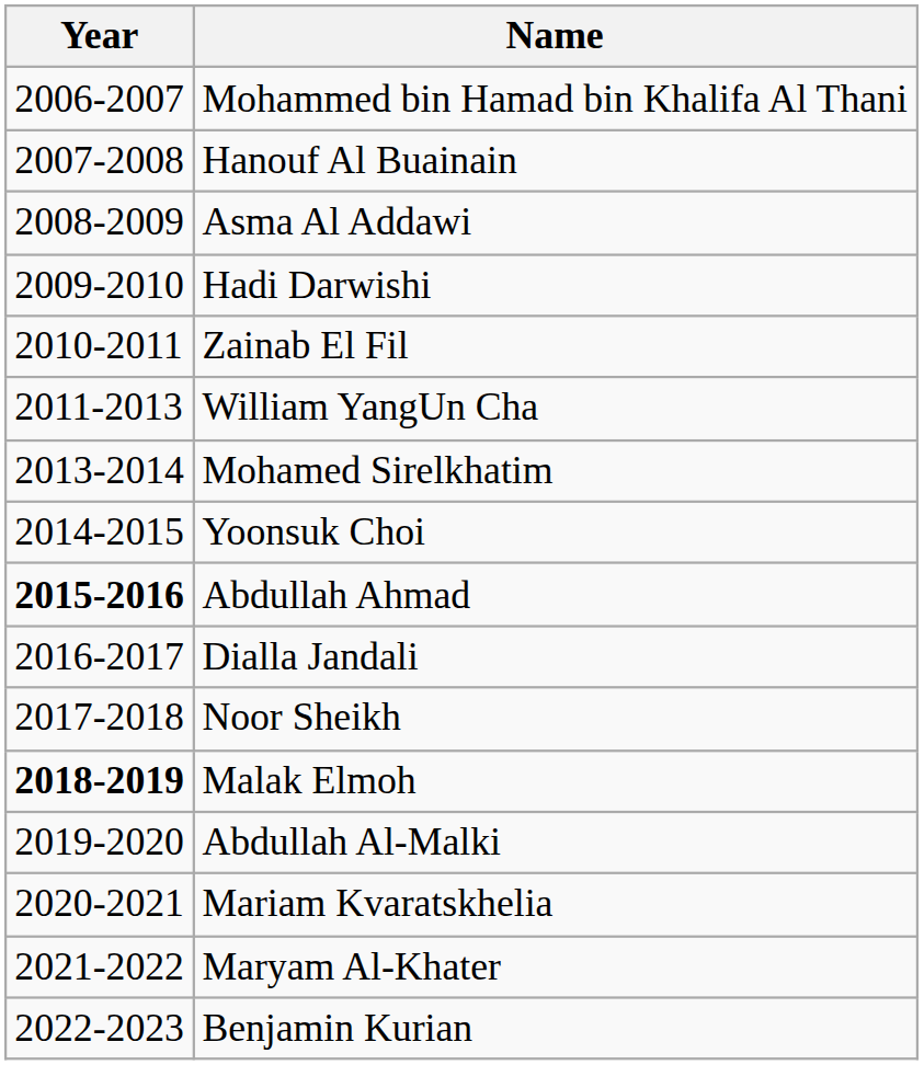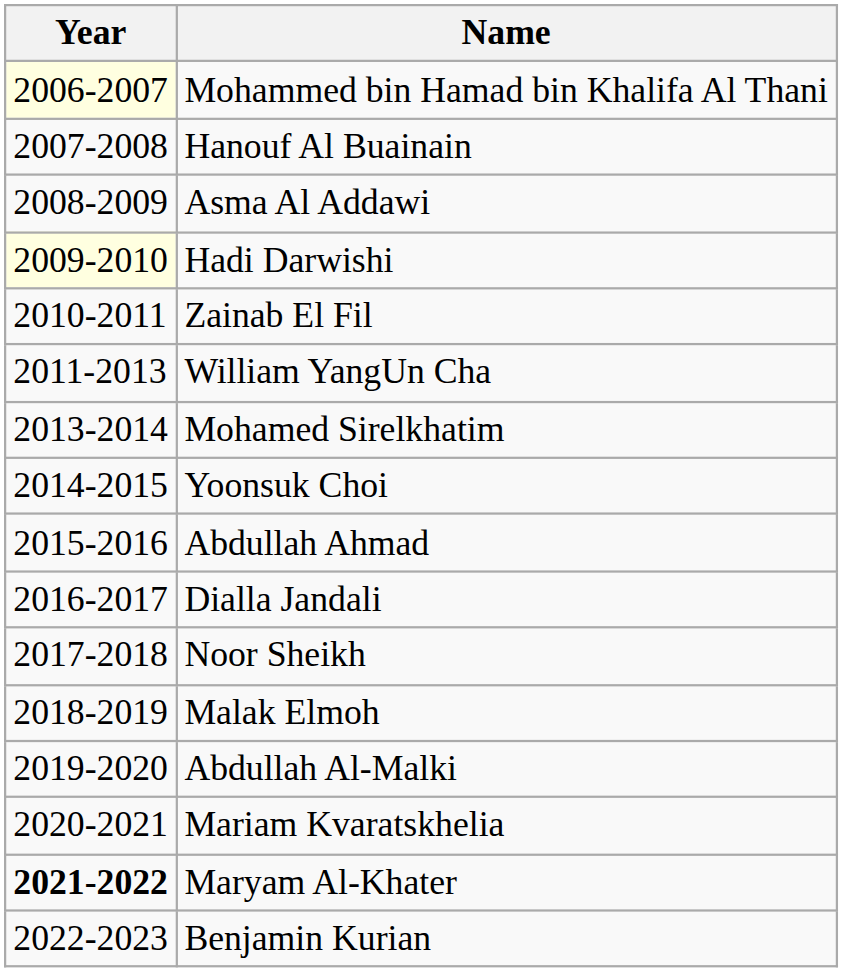 <table class="wikitable">
 <tr>
 <th>Year</th>
 <th>Name</th>
 </tr>
 <tr>
-<td>2006-2007</td>
+<td style="background: lightyellow;">2006-2007</td>
 <td>Mohammed bin Hamad bin Khalifa Al Thani</td>
 </tr>
 <tr>
 <td>2007-2008</td>
 <td>Hanouf Al Buainain</td>
 </tr>
 <tr>
 <td>2008-2009</td>
 <td>Asma Al Addawi</td>
 </tr>
 <tr>
-<td>2009-2010</td>
+<td style="background: lightyellow;">2009-2010</td>
 <td>Hadi Darwishi</td>
 </tr>
 <tr>
 <td>2010-2011</td>
 <td>Zainab El Fil</td>
 </tr>
 <tr>
 <td>2011-2013</td>
 <td>William YangUn Cha</td>
 </tr>
 <tr>
 <td>2013-2014</td>
 <td>Mohamed Sirelkhatim</td>
 </tr>
 <tr>
 <td>2014-2015</td>
 <td>Yoonsuk Choi</td>
 </tr>
 <tr>
-<td><strong>2015-2016</strong></td>
+<td>2015-2016</td>
 <td>Abdullah Ahmad</td>
 </tr>
 <tr>
 <td>2016-2017</td>
 <td>Dialla Jandali</td>
 </tr>
 <tr>
 <td>2017-2018</td>
 <td>Noor Sheikh</td>
 </tr>
 <tr>
-<td><strong>2018-2019</strong></td>
+<td>2018-2019</td>
 <td>Malak Elmoh</td>
 </tr>
 <tr>
 <td>2019-2020</td>
 <td>Abdullah Al-Malki</td>
 </tr>
 <tr>
 <td>2020-2021</td>
 <td>Mariam Kvaratskhelia</td>
 </tr>
 <tr>
-<td>2021-2022</td>
+<td><strong>2021-2022</strong></td>
 <td>Maryam Al-Khater</td>
 </tr>
 <tr>
 <td>2022-2023</td>
 <td>Benjamin Kurian</td>
 </tr>
 </table>
